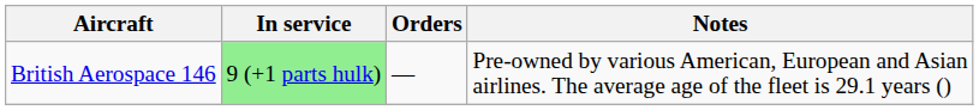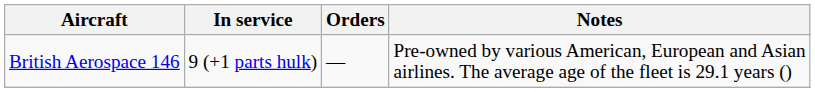 <table class="wikitable">
 <tr>
 <th>Aircraft</th>
 <th>In service</th>
 <th>Orders</th>
 <th>Notes</th>
 </tr>
 <tr>
 <td><a href='#'>British Aerospace 146</a></td>
-<td style="background: lightgreen;">9 (+1 <a href='#'>parts hulk</a>)</td>
+<td>9 (+1 <a href='#'>parts hulk</a>)</td>
 <td>—</td>
 <td>Pre-owned by various American, European and Asian<br>airlines. The average age of the fleet is 29.1 years ()</td>
 </tr>
 <tr>
 </tr>
 </table>
